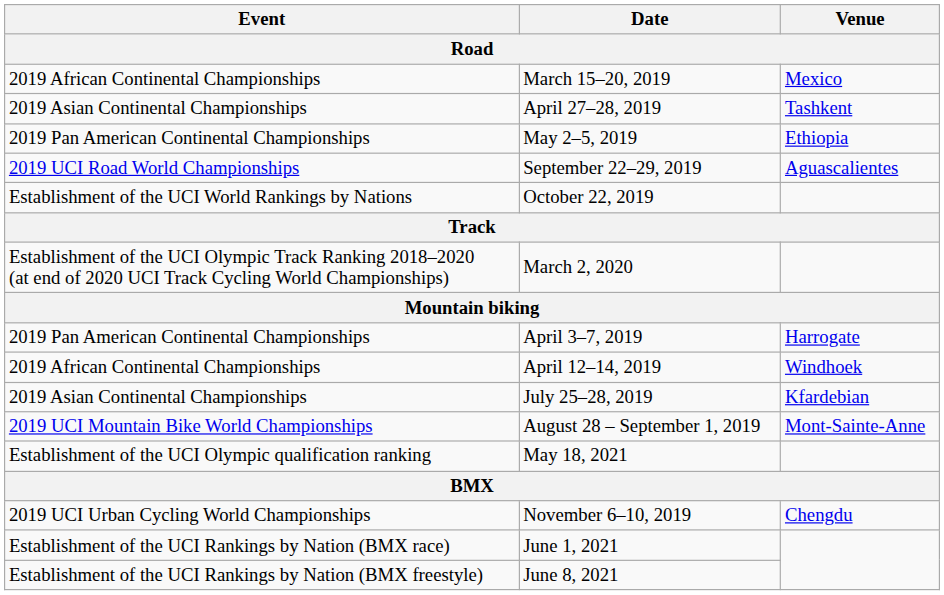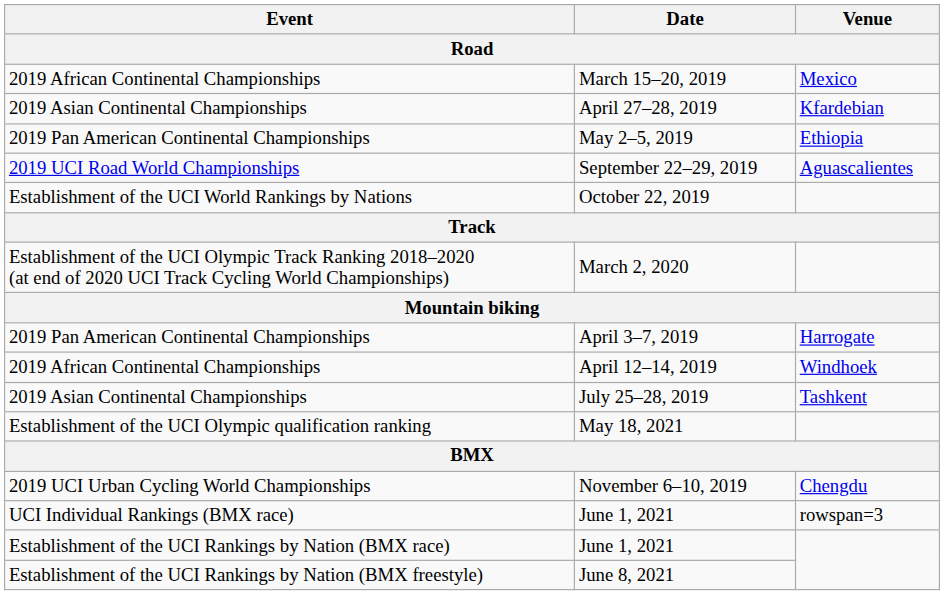 <table class="wikitable" width=800>
 <tr>
 <th>Event</th>
 <th>Date</th>
 <th>Venue</th>
 </tr>
 <tr>
 <th colspan=3>Road</th>
 </tr>
 <tr>
 <td>2019 African Continental Championships</td>
 <td>March 15–20, 2019</td>
 <td> <a href='#'>Mexico</a></td>
 </tr>
 <tr>
 <td>2019 Asian Continental Championships</td>
 <td>April 27–28, 2019</td>
-<td> <a href='#'>Tashkent</a></td>
+<td> <a href='#'>Kfardebian</a></td>
 </tr>
 <tr>
 <td>2019 Pan American Continental Championships</td>
 <td>May 2–5, 2019</td>
 <td> <a href='#'>Ethiopia</a></td>
 </tr>
 <tr>
 <td><a href='#'>2019 UCI Road World Championships</a></td>
 <td>September 22–29, 2019</td>
 <td> <a href='#'>Aguascalientes</a></td>
 </tr>
 <tr>
 <td>Establishment of the UCI World Rankings by Nations</td>
 <td>October 22, 2019</td>
 <td></td>
 </tr>
 <tr>
 <th colspan=3>Track</th>
 </tr>
 <tr>
 <td>Establishment of the UCI Olympic Track Ranking 2018–2020<br>(at end of 2020 UCI Track Cycling World Championships)</td>
 <td>March 2, 2020</td>
 <td></td>
 </tr>
 <tr>
 <th colspan=3>Mountain biking</th>
 </tr>
 <tr>
 <td>2019 Pan American Continental Championships</td>
 <td>April 3–7, 2019</td>
 <td> <a href='#'>Harrogate</a></td>
 </tr>
 <tr>
 <td>2019 African Continental Championships</td>
 <td>April 12–14, 2019</td>
 <td> <a href='#'>Windhoek</a></td>
 </tr>
 <tr>
 <td>2019 Asian Continental Championships</td>
 <td>July 25–28, 2019</td>
-<td> <a href='#'>Kfardebian</a></td>
-</tr>
-<tr>
-<td><a href='#'>2019 UCI Mountain Bike World Championships</a></td>
-<td>August 28 – September 1, 2019</td>
-<td> <a href='#'>Mont-Sainte-Anne</a></td>
+<td> <a href='#'>Tashkent</a></td>
 </tr>
 <tr>
 <td>Establishment of the UCI Olympic qualification ranking</td>
 <td>May 18, 2021</td>
 <td></td>
 </tr>
 <tr>
 <th colspan=3>BMX</th>
 </tr>
 <tr>
 <td>2019 UCI Urban Cycling World Championships</td>
 <td>November 6–10, 2019</td>
 <td> <a href='#'>Chengdu</a></td>
 </tr>
 <tr>
+<td>UCI Individual Rankings (BMX race)</td>
+<td>June 1, 2021</td>
+<td>rowspan=3 </td>
+</tr>
+<tr>
 <td>Establishment of the UCI Rankings by Nation (BMX race)</td>
 <td>June 1, 2021</td>
 </tr>
 <tr>
 <td>Establishment of the UCI Rankings by Nation (BMX freestyle)</td>
 <td>June 8, 2021</td>
 </tr>
 </table>
